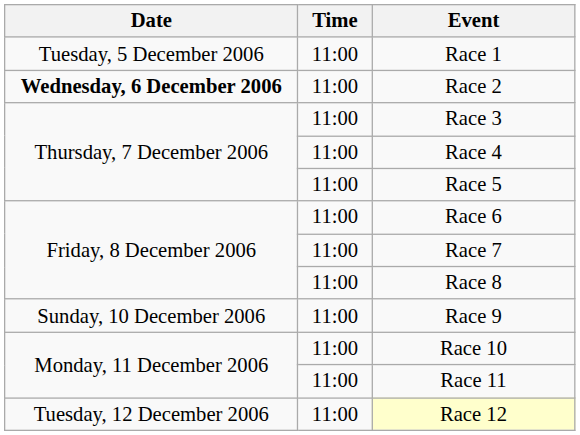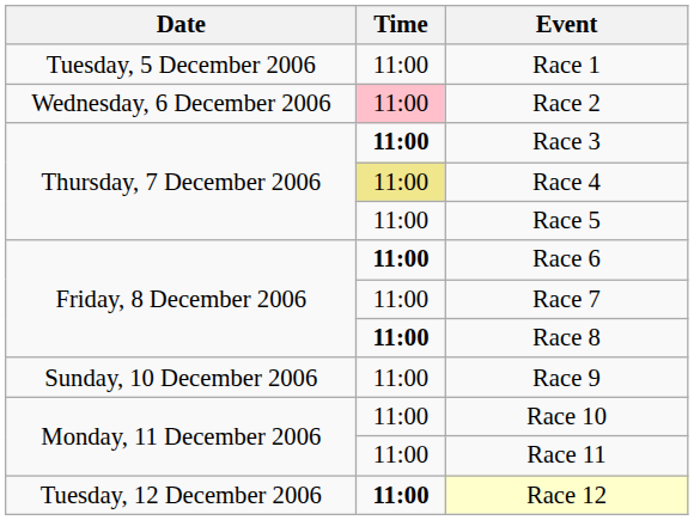 <table class = "wikitable" style="text-align:center;">
 <tr>
 <th width=220>Date</th>
 <th width=50>Time</th>
 <th width=150>Event</th>
 </tr>
 <tr>
 <td>Tuesday, 5 December 2006</td>
 <td>11:00</td>
 <td>Race 1</td>
 </tr>
 <tr>
-<td><strong>Wednesday, 6 December 2006</strong></td>
-<td>11:00</td>
+<td>Wednesday, 6 December 2006</td>
+<td style="background: pink;">11:00</td>
 <td>Race 2</td>
 </tr>
 <tr>
 <td rowspan=3>Thursday, 7 December 2006</td>
-<td>11:00</td>
+<td><strong>11:00</strong></td>
 <td>Race 3</td>
 </tr>
 <tr>
-<td>11:00</td>
+<td style="background: khaki;">11:00</td>
 <td>Race 4</td>
 </tr>
 <tr>
 <td>11:00</td>
 <td>Race 5</td>
 </tr>
 <tr>
 <td rowspan=3>Friday, 8 December 2006</td>
-<td>11:00</td>
+<td><strong>11:00</strong></td>
 <td>Race 6</td>
 </tr>
 <tr>
 <td>11:00</td>
 <td>Race 7</td>
 </tr>
 <tr>
-<td>11:00</td>
+<td><strong>11:00</strong></td>
 <td>Race 8</td>
 </tr>
 <tr>
 <td>Sunday, 10 December 2006</td>
 <td>11:00</td>
 <td>Race 9</td>
 </tr>
 <tr>
 <td rowspan=2>Monday, 11 December 2006</td>
 <td>11:00</td>
 <td>Race 10</td>
 </tr>
 <tr>
 <td>11:00</td>
 <td>Race 11</td>
 </tr>
 <tr>
 <td>Tuesday, 12 December 2006</td>
-<td>11:00</td>
+<td><strong>11:00</strong></td>
 <td bgcolor=ffffcc>Race 12</td>
 </tr>
 </table>
